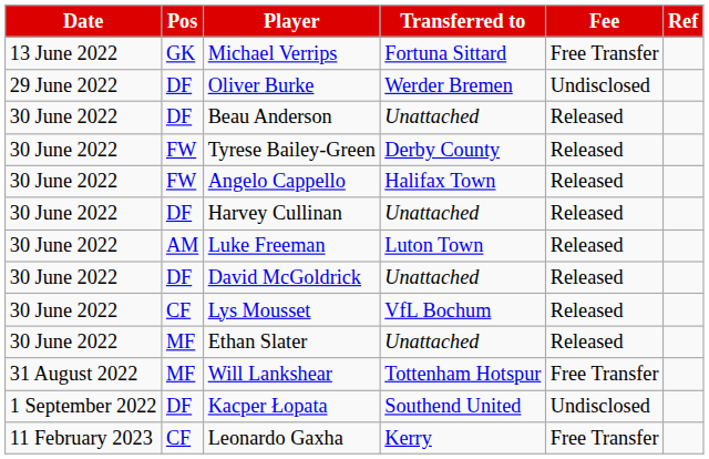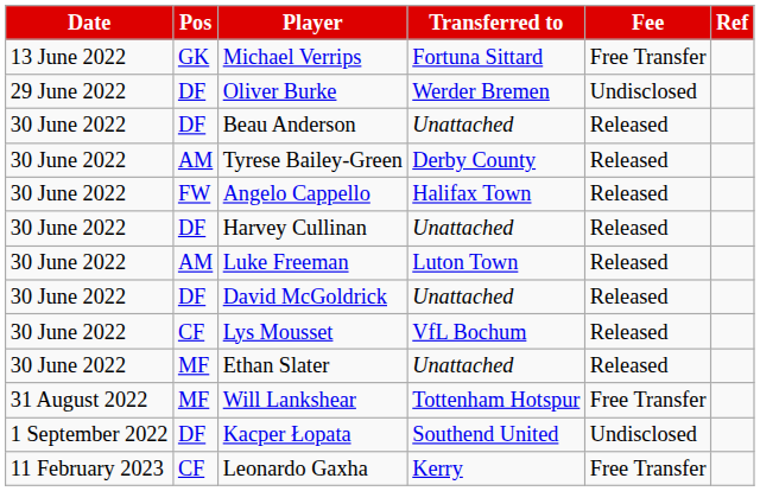 <table class="wikitable plainrowheaders sortable">
 <tr>
 <th style="background:#DD0000; color:#FFFFFF; ">Date</th>
 <th style="background:#DD0000; color:#FFFFFF; ">Pos</th>
 <th style="background:#DD0000; color:#FFFFFF; ">Player</th>
 <th style="background:#DD0000; color:#FFFFFF; ">Transferred to</th>
 <th style="background:#DD0000; color:#FFFFFF; ">Fee</th>
 <th style="background:#DD0000; color:#FFFFFF; ">Ref</th>
 </tr>
 <tr>
 <td>13 June 2022</td>
 <td><a href='#'>GK</a></td>
 <td> <a href='#'>Michael Verrips</a></td>
 <td> <a href='#'>Fortuna Sittard</a></td>
 <td>Free Transfer</td>
 <td></td>
 </tr>
 <tr>
 <td>29 June 2022</td>
 <td><a href='#'>DF</a></td>
 <td> <a href='#'>Oliver Burke</a></td>
 <td> <a href='#'>Werder Bremen</a></td>
 <td>Undisclosed</td>
 <td></td>
 </tr>
 <tr>
 <td>30 June 2022</td>
 <td><a href='#'>DF</a></td>
 <td> Beau Anderson</td>
 <td> <em>Unattached</em></td>
 <td>Released</td>
 <td></td>
 </tr>
 <tr>
 <td>30 June 2022</td>
-<td><a href='#'>FW</a></td>
+<td><a href='#'>AM</a></td>
 <td> Tyrese Bailey-Green</td>
 <td> <a href='#'>Derby County</a></td>
 <td>Released</td>
 <td></td>
 </tr>
 <tr>
 <td>30 June 2022</td>
 <td><a href='#'>FW</a></td>
 <td> <a href='#'>Angelo Cappello</a></td>
 <td> <a href='#'>Halifax Town</a></td>
 <td>Released</td>
 <td></td>
 </tr>
 <tr>
 <td>30 June 2022</td>
 <td><a href='#'>DF</a></td>
 <td> Harvey Cullinan</td>
 <td> <em>Unattached</em></td>
 <td>Released</td>
 <td></td>
 </tr>
 <tr>
 <td>30 June 2022</td>
 <td><a href='#'>AM</a></td>
 <td> <a href='#'>Luke Freeman</a></td>
 <td> <a href='#'>Luton Town</a></td>
 <td>Released</td>
 <td></td>
 </tr>
 <tr>
 <td>30 June 2022</td>
 <td><a href='#'>DF</a></td>
 <td> <a href='#'>David McGoldrick</a></td>
 <td> <em>Unattached</em></td>
 <td>Released</td>
 <td></td>
 </tr>
 <tr>
 <td>30 June 2022</td>
 <td><a href='#'>CF</a></td>
 <td> <a href='#'>Lys Mousset</a></td>
 <td> <a href='#'>VfL Bochum</a></td>
 <td>Released</td>
 <td></td>
 </tr>
 <tr>
 <td>30 June 2022</td>
 <td><a href='#'>MF</a></td>
 <td> Ethan Slater</td>
 <td> <em>Unattached</em></td>
 <td>Released</td>
 <td></td>
 </tr>
 <tr>
 <td>31 August 2022</td>
 <td><a href='#'>MF</a></td>
 <td> <a href='#'>Will Lankshear</a></td>
 <td> <a href='#'>Tottenham Hotspur</a></td>
 <td>Free Transfer</td>
 <td></td>
 </tr>
 <tr>
 <td>1 September 2022</td>
 <td><a href='#'>DF</a></td>
 <td> <a href='#'>Kacper Łopata</a></td>
 <td> <a href='#'>Southend United</a></td>
 <td>Undisclosed</td>
 <td></td>
 </tr>
 <tr>
 <td>11 February 2023</td>
 <td><a href='#'>CF</a></td>
 <td> Leonardo Gaxha</td>
 <td> <a href='#'>Kerry</a></td>
 <td>Free Transfer</td>
 <td></td>
 </tr>
 </table>
